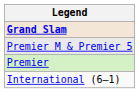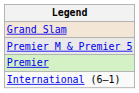 <table class="wikitable sortable" style=font-size:90%>
 <tr>
 <th>Legend</th>
 </tr>
 <tr>
-<td style="background:#f3e6d7;"><strong><a href='#'>Grand Slam</a></strong></td>
+<td style="background:#f3e6d7;"><a href='#'>Grand Slam</a></td>
 </tr>
 <tr>
 <td style="background:#e9e9e9;"><a href='#'>Premier M & Premier 5</a></td>
 </tr>
 <tr>
 <td style="background:#d4f1c5;"><a href='#'>Premier</a></td>
 </tr>
 <tr>
 <td><a href='#'>International</a> (6–1)</td>
 </tr>
 </table>
